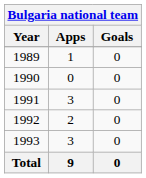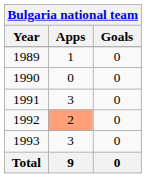 <table class="wikitable" style="text-align:center">
 <tr>
 <th colspan=3><a href='#'>Bulgaria national team</a></th>
 </tr>
 <tr>
 <th>Year</th>
 <th>Apps</th>
 <th>Goals</th>
 </tr>
 <tr>
 </tr>
 <tr>
 <td>1989</td>
 <td>1</td>
 <td>0</td>
 </tr>
 <tr>
 <td>1990</td>
 <td>0</td>
 <td>0</td>
 </tr>
 <tr>
 <td>1991</td>
 <td>3</td>
 <td>0</td>
 </tr>
 <tr>
 <td>1992</td>
-<td>2</td>
+<td style="background: lightsalmon;">2</td>
 <td>0</td>
 </tr>
 <tr>
 <td>1993</td>
 <td>3</td>
 <td>0</td>
 </tr>
 <tr>
 <th>Total</th>
 <th>9</th>
 <th>0</th>
 </tr>
 </table>
